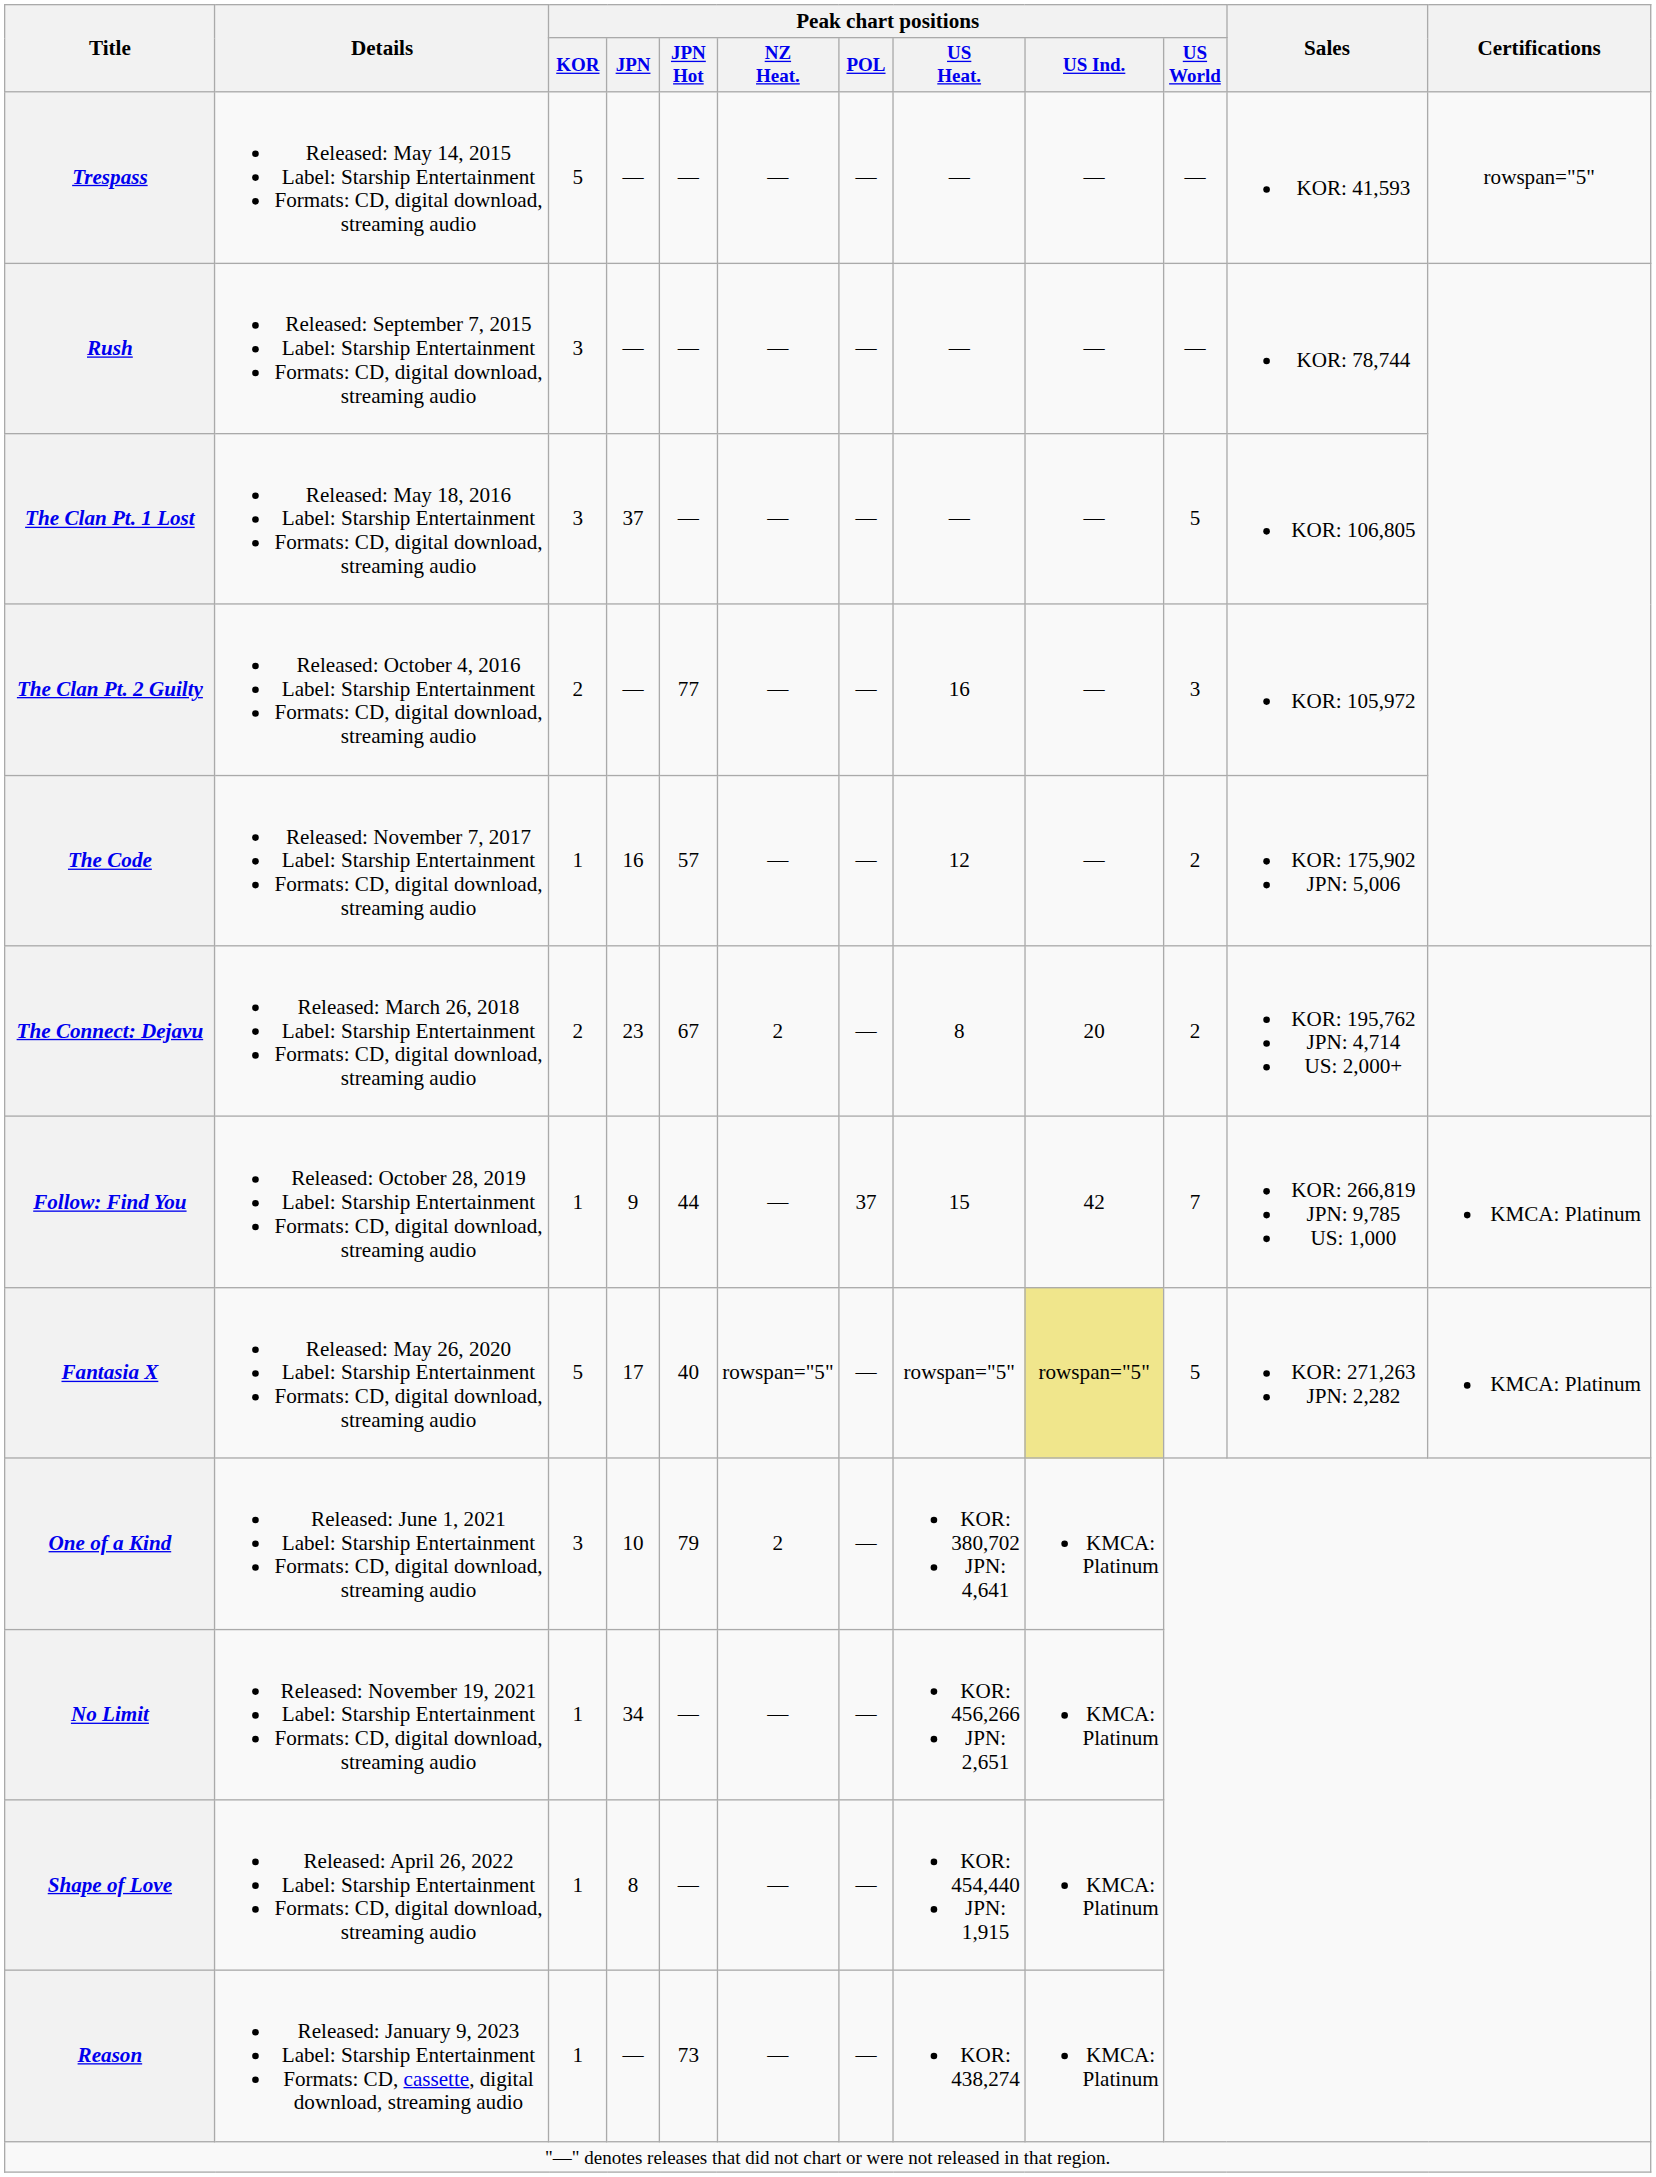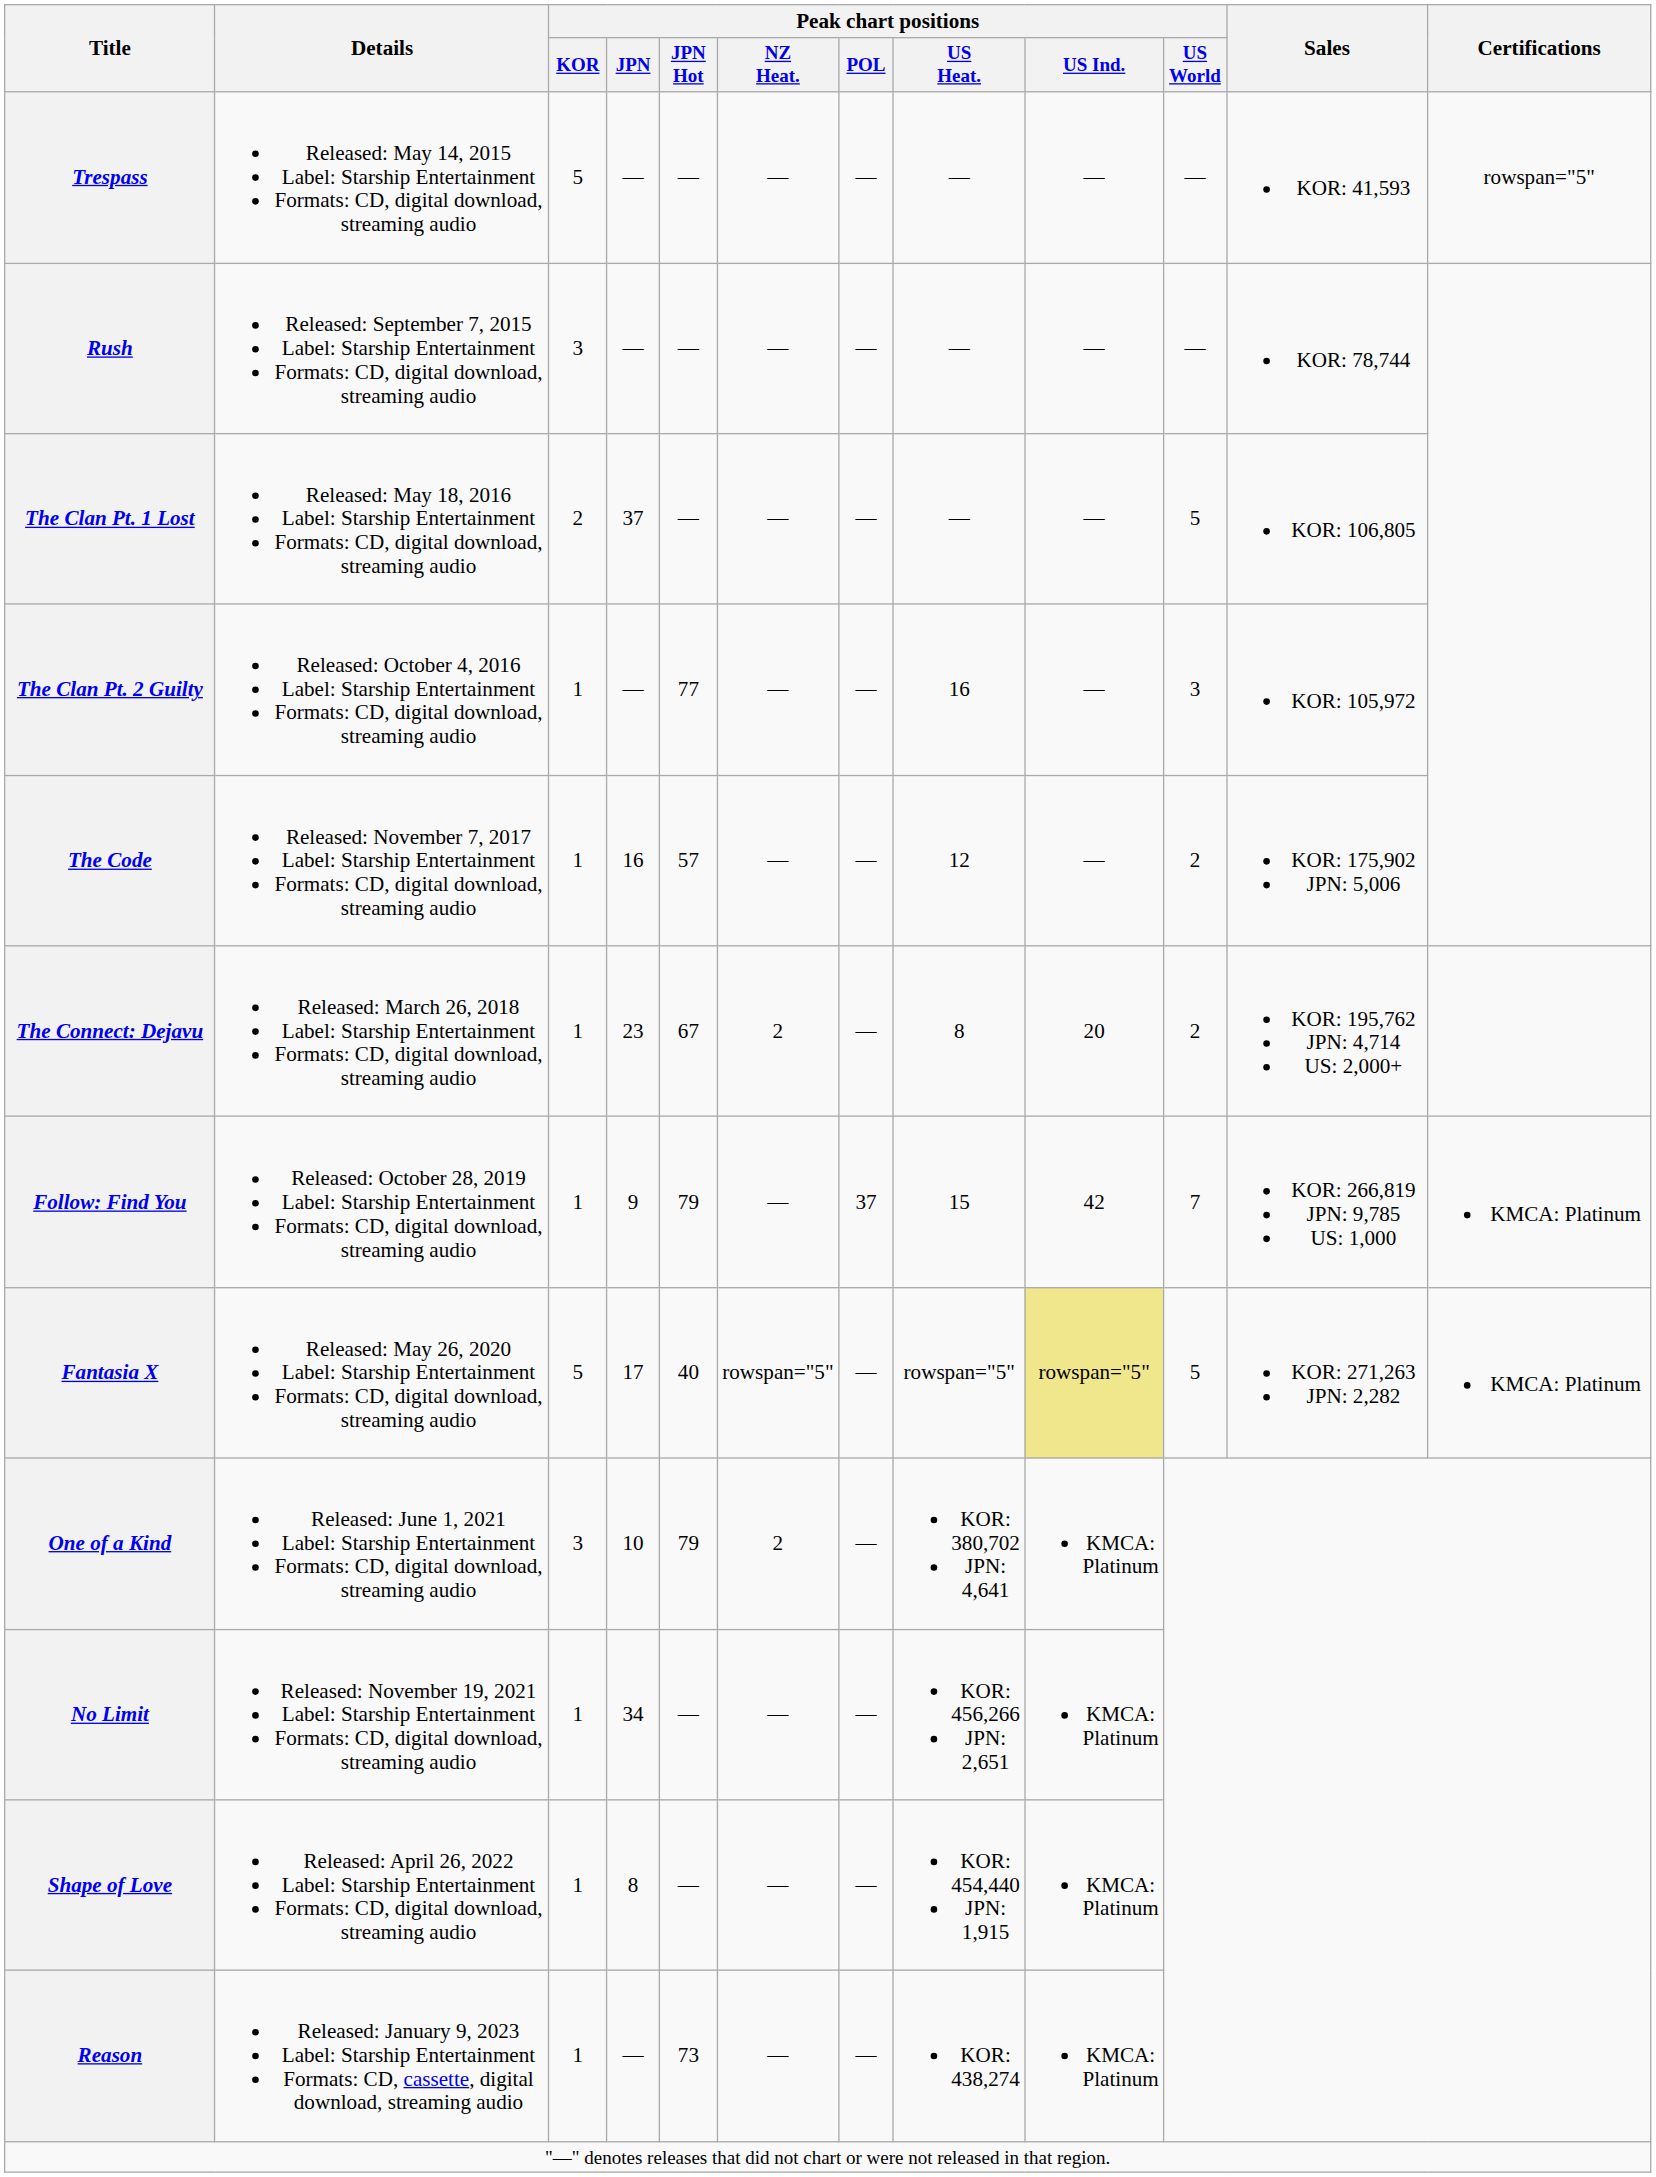 <table class="wikitable plainrowheaders" style="text-align:center;">
 <tr>
 <th scope="col" rowspan="2" style="width:18em;">Title</th>
 <th scope="col" rowspan="2" style="width:26em;">Details</th>
 <th scope="col" colspan="8">Peak chart positions</th>
 <th scope="col" rowspan="2" style="width:14em;">Sales</th>
 <th scope="col" rowspan="2" style="width:16em;">Certifications</th>
 </tr>
 <tr>
 <th scope="col" style="width:3em;font-size:90%;"><a href='#'>KOR</a><br></th>
 <th scope="col" style="width:3em;font-size:90%;"><a href='#'>JPN</a><br></th>
 <th scope="col" style="width:3.7em;font-size:90%;"><a href='#'>JPN<br>Hot</a><br></th>
 <th scope="col" style="width:3em;font-size:90%;"><a href='#'>NZ<br>Heat.</a><br></th>
 <th scope="col" style="width:3em;font-size:90%;"><a href='#'>POL</a><br></th>
 <th scope="col" style="width:3em;font-size:90%;"><a href='#'>US<br>Heat.</a><br></th>
 <th scope="col" style="width:3em;font-size:90%;"><a href='#'>US Ind.</a><br></th>
 <th scope="col" style="width:3em;font-size:90%;"><a href='#'>US<br>World</a><br></th>
 </tr>
 <tr>
 <th scope="row"><em><a href='#'>Trespass</a></em></th>
 <td><br><ul><li>Released: May 14, 2015</li><li>Label: Starship Entertainment</li><li>Formats: CD, digital download, streaming audio</li></ul></td>
 <td>5</td>
 <td>—</td>
 <td>—</td>
 <td>—</td>
 <td>—</td>
 <td>—</td>
 <td>—</td>
 <td>—</td>
 <td><br><ul><li>KOR: 41,593</li></ul></td>
 <td>rowspan="5" </td>
 </tr>
 <tr>
 <th scope="row"><em><a href='#'>Rush</a></em></th>
 <td><br><ul><li>Released: September 7, 2015</li><li>Label: Starship Entertainment</li><li>Formats: CD, digital download, streaming audio</li></ul></td>
 <td>3</td>
 <td>—</td>
 <td>—</td>
 <td>—</td>
 <td>—</td>
 <td>—</td>
 <td>—</td>
 <td>—</td>
 <td><br><ul><li>KOR: 78,744</li></ul></td>
 </tr>
 <tr>
 <th scope="row"><em><a href='#'>The Clan Pt. 1 Lost</a></em></th>
 <td><br><ul><li>Released: May 18, 2016</li><li>Label: Starship Entertainment</li><li>Formats: CD, digital download, streaming audio</li></ul></td>
-<td>3</td>
+<td>2</td>
 <td>37</td>
 <td>—</td>
 <td>—</td>
 <td>—</td>
 <td>—</td>
 <td>—</td>
 <td>5</td>
 <td><br><ul><li>KOR: 106,805</li></ul></td>
 </tr>
 <tr>
 <th scope="row"><em><a href='#'>The Clan Pt. 2 Guilty</a></em></th>
 <td><br><ul><li>Released: October 4, 2016</li><li>Label: Starship Entertainment</li><li>Formats: CD, digital download, streaming audio</li></ul></td>
-<td>2</td>
+<td>1</td>
 <td>—</td>
 <td>77</td>
 <td>—</td>
 <td>—</td>
 <td>16</td>
 <td>—</td>
 <td>3</td>
 <td><br><ul><li>KOR: 105,972</li></ul></td>
 </tr>
 <tr>
 <th scope="row"><em><a href='#'>The Code</a></em></th>
 <td><br><ul><li>Released: November 7, 2017</li><li>Label: Starship Entertainment</li><li>Formats: CD, digital download, streaming audio</li></ul></td>
 <td>1</td>
 <td>16</td>
 <td>57</td>
 <td>—</td>
 <td>—</td>
 <td>12</td>
 <td>—</td>
 <td>2</td>
 <td><br><ul><li>KOR: 175,902</li><li>JPN: 5,006</li></ul></td>
 </tr>
 <tr>
 <th scope="row"><em><a href='#'>The Connect: Dejavu</a></em></th>
 <td><br><ul><li>Released: March 26, 2018</li><li>Label: Starship Entertainment</li><li>Formats: CD, digital download, streaming audio</li></ul></td>
-<td>2</td>
+<td>1</td>
 <td>23</td>
 <td>67</td>
 <td>2</td>
 <td>—</td>
 <td>8</td>
 <td>20</td>
 <td>2</td>
 <td><br><ul><li>KOR: 195,762</li><li>JPN: 4,714</li><li>US: 2,000+</li></ul></td>
 <td></td>
 </tr>
 <tr>
 <th scope="row"><em><a href='#'>Follow: Find You</a></em></th>
 <td><br><ul><li>Released: October 28, 2019</li><li>Label: Starship Entertainment</li><li>Formats: CD, digital download, streaming audio</li></ul></td>
 <td>1</td>
 <td>9</td>
-<td>44</td>
+<td>79</td>
 <td>—</td>
 <td>37</td>
 <td>15</td>
 <td>42</td>
 <td>7</td>
 <td><br><ul><li>KOR: 266,819</li><li>JPN: 9,785</li><li>US: 1,000</li></ul></td>
 <td><br><ul><li>KMCA: Platinum</li></ul></td>
 </tr>
 <tr>
 <th scope="row"><em><a href='#'>Fantasia X</a></em></th>
 <td><br><ul><li>Released: May 26, 2020</li><li>Label: Starship Entertainment</li><li>Formats: CD, digital download, streaming audio</li></ul></td>
 <td>5</td>
 <td>17</td>
 <td>40</td>
 <td>rowspan="5" </td>
 <td>—</td>
 <td>rowspan="5" </td>
 <td style="background: khaki;">rowspan="5" </td>
 <td>5</td>
 <td><br><ul><li>KOR: 271,263</li><li>JPN: 2,282</li></ul></td>
 <td><br><ul><li>KMCA: Platinum</li></ul></td>
 </tr>
 <tr>
 <th scope="row"><em><a href='#'>One of a Kind</a></em></th>
 <td><br><ul><li>Released: June 1, 2021</li><li>Label: Starship Entertainment</li><li>Formats: CD, digital download, streaming audio</li></ul></td>
 <td>3</td>
 <td>10</td>
 <td>79</td>
 <td>2</td>
 <td>—</td>
 <td><br><ul><li>KOR: 380,702</li><li>JPN: 4,641</li></ul></td>
 <td><br><ul><li>KMCA: Platinum</li></ul></td>
 </tr>
 <tr>
 <th scope="row"><em><a href='#'>No Limit</a></em></th>
 <td><br><ul><li>Released: November 19, 2021</li><li>Label: Starship Entertainment</li><li>Formats: CD, digital download, streaming audio</li></ul></td>
 <td>1</td>
 <td>34</td>
 <td>—</td>
 <td>—</td>
 <td>—</td>
 <td><br><ul><li>KOR: 456,266</li><li>JPN: 2,651</li></ul></td>
 <td><br><ul><li>KMCA: Platinum</li></ul></td>
 </tr>
 <tr>
 <th scope="row"><em><a href='#'>Shape of Love</a></em></th>
 <td><br><ul><li>Released: April 26, 2022</li><li>Label: Starship Entertainment</li><li>Formats: CD, digital download, streaming audio</li></ul></td>
 <td>1</td>
 <td>8</td>
 <td>—</td>
 <td>—</td>
 <td>—</td>
 <td><br><ul><li>KOR: 454,440</li><li>JPN: 1,915</li></ul></td>
 <td><br><ul><li>KMCA: Platinum</li></ul></td>
 </tr>
 <tr>
 <th scope="row"><em><a href='#'>Reason</a></em></th>
 <td><br><ul><li>Released: January 9, 2023</li><li>Label: Starship Entertainment</li><li>Formats: CD, <a href='#'>cassette</a>, digital download, streaming audio</li></ul></td>
 <td>1</td>
 <td>—</td>
 <td>73</td>
 <td>—</td>
 <td>—</td>
 <td><br><ul><li>KOR: 438,274</li></ul></td>
 <td><br><ul><li>KMCA: Platinum</li></ul></td>
 </tr>
 <tr>
 <td colspan="13" style="font-size:90%">"—" denotes releases that did not chart or were not released in that region.</td>
 </tr>
 </table>
